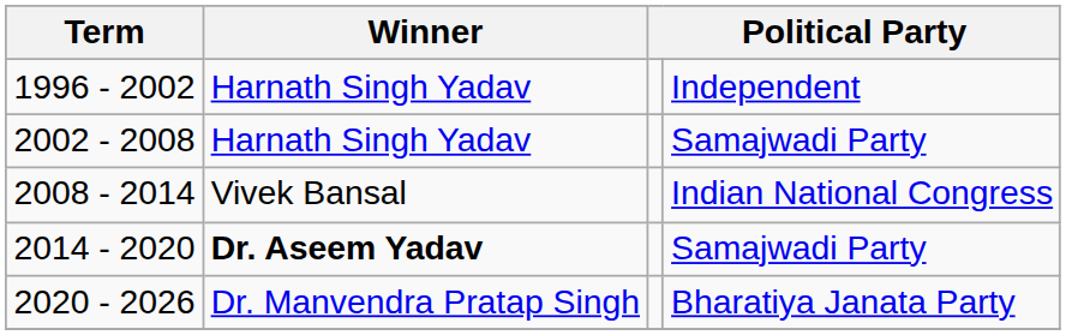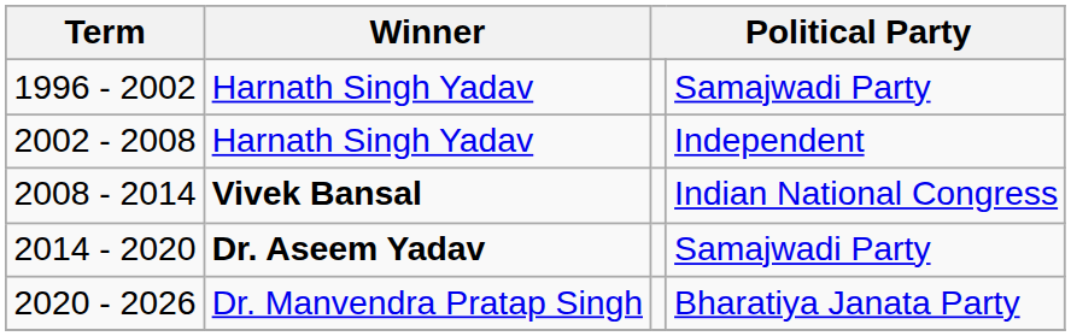 <table class="wikitable sortable">
 <tr>
 <th>Term</th>
 <th>Winner</th>
 <th colspan="2">Political Party</th>
 </tr>
 <tr>
 <td>1996 - 2002</td>
 <td><a href='#'>Harnath Singh Yadav</a></td>
 <td style="background-color:"></td>
-<td><a href='#'>Independent</a></td>
+<td><a href='#'>Samajwadi Party</a></td>
 </tr>
 <tr>
 <td>2002 - 2008</td>
 <td><a href='#'>Harnath Singh Yadav</a></td>
 <td style="background-color:"></td>
-<td><a href='#'>Samajwadi Party</a></td>
+<td><a href='#'>Independent</a></td>
 </tr>
 <tr>
 <td>2008 - 2014</td>
-<td>Vivek Bansal</td>
+<td><strong>Vivek Bansal</strong></td>
 <td style="background-color:"></td>
 <td><a href='#'>Indian National Congress</a></td>
 </tr>
 <tr>
 <td>2014 - 2020</td>
 <td><strong>Dr. Aseem Yadav</strong></td>
 <td style="background-color:"></td>
 <td><a href='#'>Samajwadi Party</a></td>
 </tr>
 <tr>
 <td>2020 - 2026</td>
 <td><a href='#'>Dr. Manvendra Pratap Singh</a></td>
 <td style="background-color:"></td>
 <td><a href='#'>Bharatiya Janata Party</a></td>
 </tr>
 <tr>
 </tr>
 </table>
